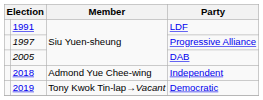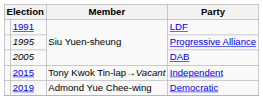 <table class="wikitable">
 <tr>
 <th colspan="2">Election</th>
 <th>Member</th>
 <th>Party</th>
 </tr>
 <tr>
 <td style="background-color: "></td>
 <td><a href='#'>1991</a></td>
 <td rowspan=3>Siu Yuen-sheung</td>
 <td><a href='#'>LDF</a></td>
 </tr>
 <tr>
 <td style="background-color: "></td>
-<td><em>1997</em></td>
+<td><em>1995</em></td>
 <td><a href='#'>Progressive Alliance</a></td>
 </tr>
 <tr>
 <td style="background-color: "></td>
 <td><em>2005</em></td>
 <td><a href='#'>DAB</a></td>
 </tr>
 <tr>
 <td style="background-color: "></td>
-<td><a href='#'>2018</a></td>
-<td>Admond Yue Chee-wing</td>
+<td><a href='#'>2015</a></td>
+<td>Tony Kwok Tin-lap→<em>Vacant</em></td>
 <td><a href='#'>Independent</a></td>
 </tr>
 <tr>
 <td style="background-color: "></td>
 <td><a href='#'>2019</a></td>
-<td>Tony Kwok Tin-lap→<em>Vacant</em></td>
+<td>Admond Yue Chee-wing</td>
 <td><a href='#'>Democratic</a></td>
 </tr>
 <tr>
 </tr>
 </table>
